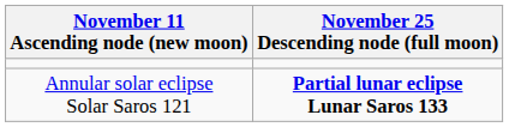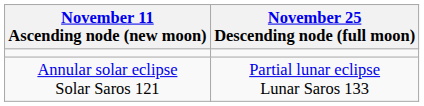 <table class="wikitable">
 <tr>
 <th><a href='#'>November 11</a><br>Ascending node (new moon)<br></th>
 <th><a href='#'>November 25</a><br>Descending node (full moon)<br></th>
 </tr>
 <tr>
 <td></td>
 <td></td>
 </tr>
 <tr align=center>
 <td><a href='#'>Annular solar eclipse</a><br>Solar Saros 121</td>
-<td><strong><a href='#'>Partial lunar eclipse</a><br>Lunar Saros 133</strong></td>
+<td><a href='#'>Partial lunar eclipse</a><br>Lunar Saros 133</td>
 </tr>
 </table>
